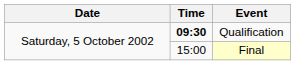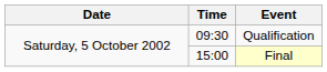 <table class = "wikitable" style="text-align:center;">
 <tr>
 <th width=220>Date</th>
 <th width=50>Time</th>
 <th width=100>Event</th>
 </tr>
 <tr>
 <td rowspan=2>Saturday, 5 October 2002</td>
-<td><strong>09:30</strong></td>
+<td>09:30</td>
 <td>Qualification</td>
 </tr>
 <tr>
 <td>15:00</td>
 <td bgcolor=ffffcc>Final</td>
 </tr>
 </table>
